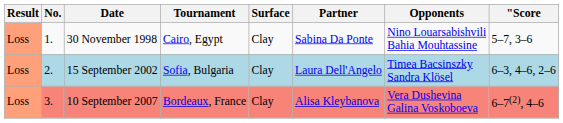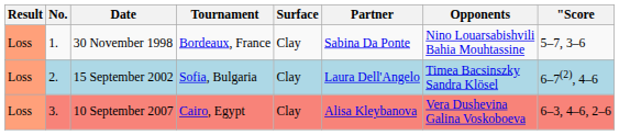 <table class="sortable wikitable">
 <tr>
 <th>Result</th>
 <th>No.</th>
 <th>Date</th>
 <th>Tournament</th>
 <th>Surface</th>
 <th>Partner</th>
 <th>Opponents</th>
 <th class="unsortable">"Score</th>
 </tr>
 <tr>
 <td style="background:#ffa07a;">Loss</td>
 <td>1.</td>
 <td>30 November 1998</td>
-<td><a href='#'>Cairo</a>, Egypt</td>
+<td><a href='#'>Bordeaux</a>, France</td>
 <td>Clay</td>
 <td> <a href='#'>Sabina Da Ponte</a></td>
 <td> <a href='#'>Nino Louarsabishvili</a> <br>  <a href='#'>Bahia Mouhtassine</a></td>
 <td>5–7, 3–6</td>
 </tr>
 <tr style="background:lightblue">
 <td style="background:#ffa07a;">Loss</td>
 <td>2.</td>
 <td>15 September 2002</td>
 <td><a href='#'>Sofia</a>, Bulgaria</td>
 <td>Clay</td>
 <td> <a href='#'>Laura Dell'Angelo</a></td>
 <td> <a href='#'>Timea Bacsinszky</a> <br>  <a href='#'>Sandra Klösel</a></td>
-<td>6–3, 4–6, 2–6</td>
+<td>6–7<sup>(2)</sup>, 4–6</td>
 </tr>
 <tr style="background:#f88379;">
 <td style="background:#ffa07a;">Loss</td>
 <td>3.</td>
 <td>10 September 2007</td>
-<td><a href='#'>Bordeaux</a>, France</td>
+<td><a href='#'>Cairo</a>, Egypt</td>
 <td>Clay</td>
 <td> <a href='#'>Alisa Kleybanova</a></td>
 <td> <a href='#'>Vera Dushevina</a> <br>  <a href='#'>Galina Voskoboeva</a></td>
-<td>6–7<sup>(2)</sup>, 4–6</td>
+<td>6–3, 4–6, 2–6</td>
 </tr>
 </table>
